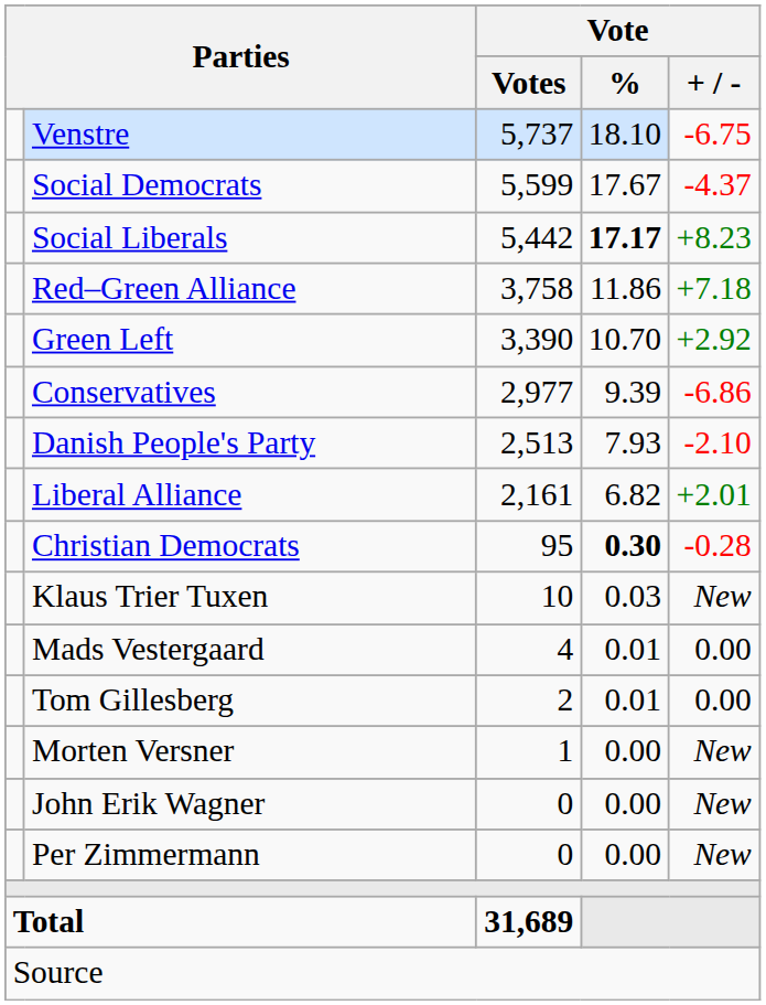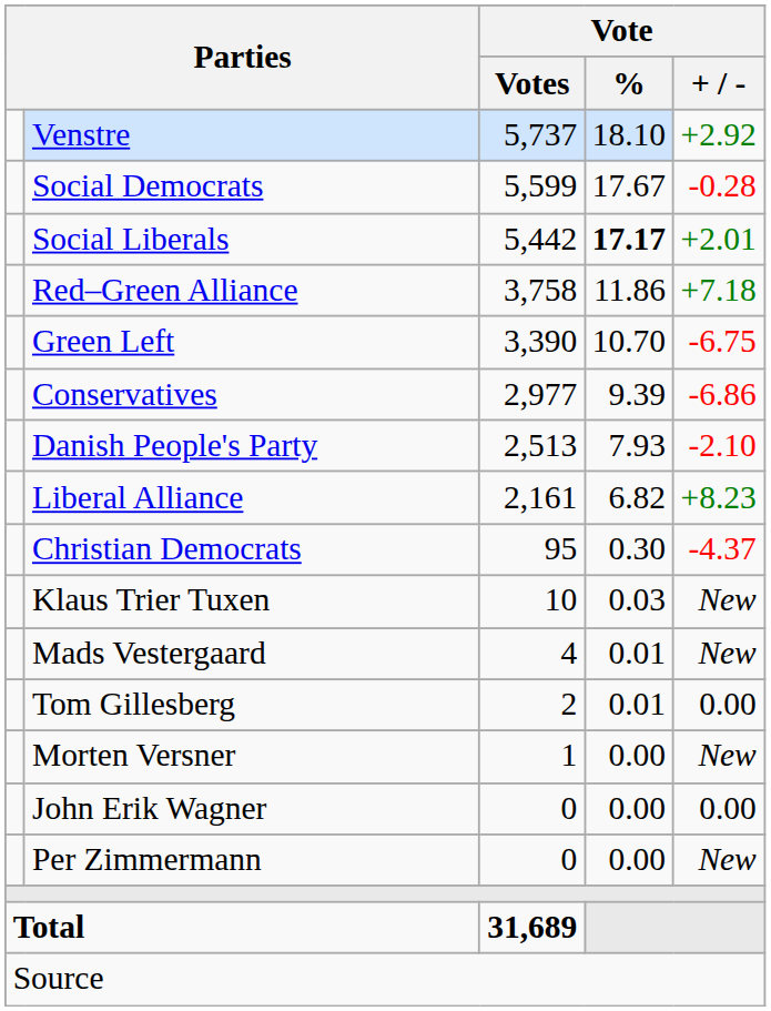 <table class="wikitable" style="text-align:right;">
 <tr>
 <th style="text-align:centre;" rowspan="2" colspan="2" width="225">Parties</th>
 <th colspan="3">Vote</th>
 </tr>
 <tr>
 <th width="15">Votes</th>
 <th width="15">%</th>
 <th width="15">+ / -</th>
 </tr>
 <tr>
 <td width="2" style="color:inherit;background:"></td>
 <td bgcolor=#cfe5fe  align="left"><a href='#'>Venstre</a></td>
 <td bgcolor=#cfe5fe>5,737</td>
 <td bgcolor=#cfe5fe>18.10</td>
-<td style=color:red;>-6.75</td>
+<td style=color:green;>+2.92</td>
 </tr>
 <tr>
 <td width="2" style="color:inherit;background:"></td>
 <td align="left"><a href='#'>Social Democrats</a></td>
 <td>5,599</td>
 <td>17.67</td>
-<td style=color:red;>-4.37</td>
+<td style=color:red;>-0.28</td>
 </tr>
 <tr>
 <td width="2" style="color:inherit;background:"></td>
 <td align="left"><a href='#'>Social Liberals</a></td>
 <td>5,442</td>
 <td><strong>17.17</strong></td>
-<td style=color:green;>+8.23</td>
+<td style=color:green;>+2.01</td>
 </tr>
 <tr>
 <td width="2" style="color:inherit;background:"></td>
 <td align="left"><a href='#'>Red–Green Alliance</a></td>
 <td>3,758</td>
 <td>11.86</td>
 <td style=color:green;>+7.18</td>
 </tr>
 <tr>
 <td width="2" style="color:inherit;background:"></td>
 <td align="left"><a href='#'>Green Left</a></td>
 <td>3,390</td>
 <td>10.70</td>
-<td style=color:green;>+2.92</td>
+<td style=color:red;>-6.75</td>
 </tr>
 <tr>
 <td width="2" style="color:inherit;background:"></td>
 <td align="left"><a href='#'>Conservatives</a></td>
 <td>2,977</td>
 <td>9.39</td>
 <td style=color:red;>-6.86</td>
 </tr>
 <tr>
 <td width="2" style="color:inherit;background:"></td>
 <td align="left"><a href='#'>Danish People's Party</a></td>
 <td>2,513</td>
 <td>7.93</td>
 <td style=color:red;>-2.10</td>
 </tr>
 <tr>
 <td width="2" style="color:inherit;background:"></td>
 <td align="left"><a href='#'>Liberal Alliance</a></td>
 <td>2,161</td>
 <td>6.82</td>
-<td style=color:green;>+2.01</td>
+<td style=color:green;>+8.23</td>
 </tr>
 <tr>
 <td width="2" style="color:inherit;background:"></td>
 <td align="left"><a href='#'>Christian Democrats</a></td>
 <td>95</td>
-<td><strong>0.30</strong></td>
-<td style=color:red;>-0.28</td>
+<td>0.30</td>
+<td style=color:red;>-4.37</td>
 </tr>
 <tr>
 <td width="2" style="color:inherit;background:"></td>
 <td align="left">Klaus Trier Tuxen</td>
 <td>10</td>
 <td>0.03</td>
 <td><em>New</em></td>
 </tr>
 <tr>
 <td width="2" style="color:inherit;background:"></td>
 <td align="left">Mads Vestergaard</td>
 <td>4</td>
 <td>0.01</td>
-<td>0.00</td>
+<td><em>New</em></td>
 </tr>
 <tr>
 <td width="2" style="color:inherit;background:"></td>
 <td align="left">Tom Gillesberg</td>
 <td>2</td>
 <td>0.01</td>
 <td>0.00</td>
 </tr>
 <tr>
 <td width="2" style="color:inherit;background:"></td>
 <td align="left">Morten Versner</td>
 <td>1</td>
 <td>0.00</td>
 <td><em>New</em></td>
 </tr>
 <tr>
 <td width="2" style="color:inherit;background:"></td>
 <td align="left">John Erik Wagner</td>
 <td>0</td>
 <td>0.00</td>
-<td><em>New</em></td>
+<td>0.00</td>
 </tr>
 <tr>
 <td width="2" style="color:inherit;background:"></td>
 <td align="left">Per Zimmermann</td>
 <td>0</td>
 <td>0.00</td>
 <td><em>New</em></td>
 </tr>
 <tr>
 <td colspan="7" bgcolor="#E9E9E9"></td>
 </tr>
 <tr>
 <td align="left" colspan="2"><strong>Total</strong></td>
 <td><strong>31,689</strong></td>
 <td bgcolor="#E9E9E9" colspan="2"></td>
 </tr>
 <tr>
 <td align="left" colspan="6">Source</td>
 </tr>
 </table>
